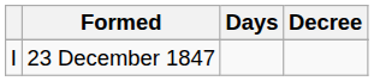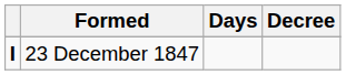 <table class="wikitable" style="text-align:center;">
 <tr>
 <th></th>
 <th>Formed</th>
 <th>Days</th>
 <th>Decree</th>
 </tr>
 <tr>
 </tr>
 <tr>
-<td>I</td>
+<td><strong>I</strong></td>
 <td>23 December 1847</td>
 <td></td>
 <td></td>
 </tr>
 </table>
